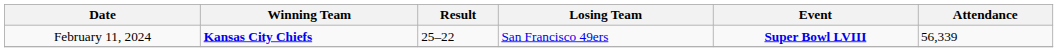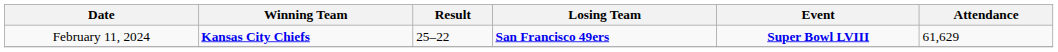 <table class="wikitable" style="text-align:left; width:100%;" style="text-align:center">
 <tr>
 <th style="text-align:center;">Date</th>
 <th style="text-align:center;">Winning Team</th>
 <th style="text-align:center;">Result</th>
 <th style="text-align:center;">Losing Team</th>
 <th style="text-align:center;">Event</th>
 <th style="text-align:center;">Attendance</th>
 </tr>
 <tr>
 <td style="text-align:center;">February 11, 2024</td>
 <td><strong><a href='#'>Kansas City Chiefs</a></strong></td>
 <td>25–22 </td>
-<td><a href='#'>San Francisco 49ers</a></td>
+<td><strong><a href='#'>San Francisco 49ers</a></strong></td>
 <td style="text-align:center; "><strong><a href='#'>Super Bowl LVIII</a></strong></td>
-<td>56,339</td>
+<td>61,629</td>
 </tr>
 <tr>
 </tr>
 </table>
